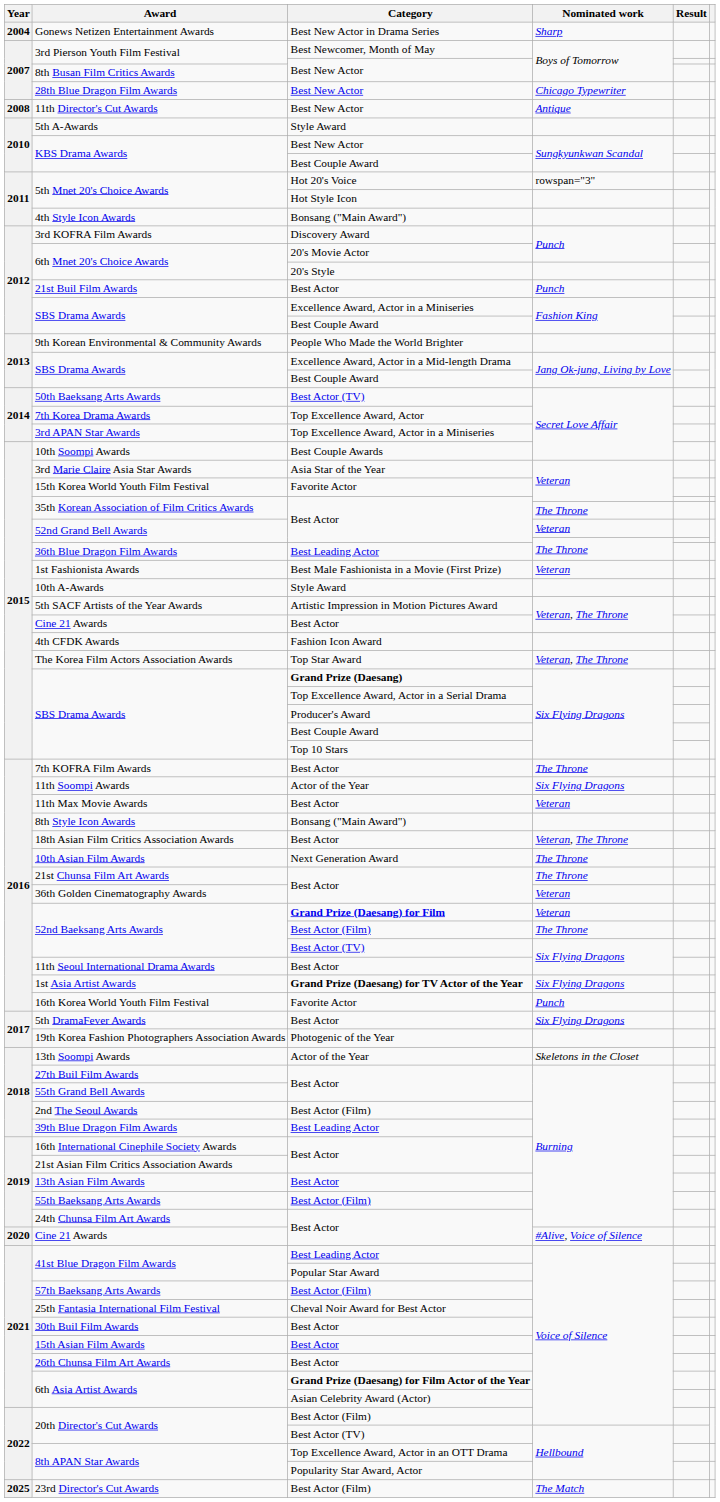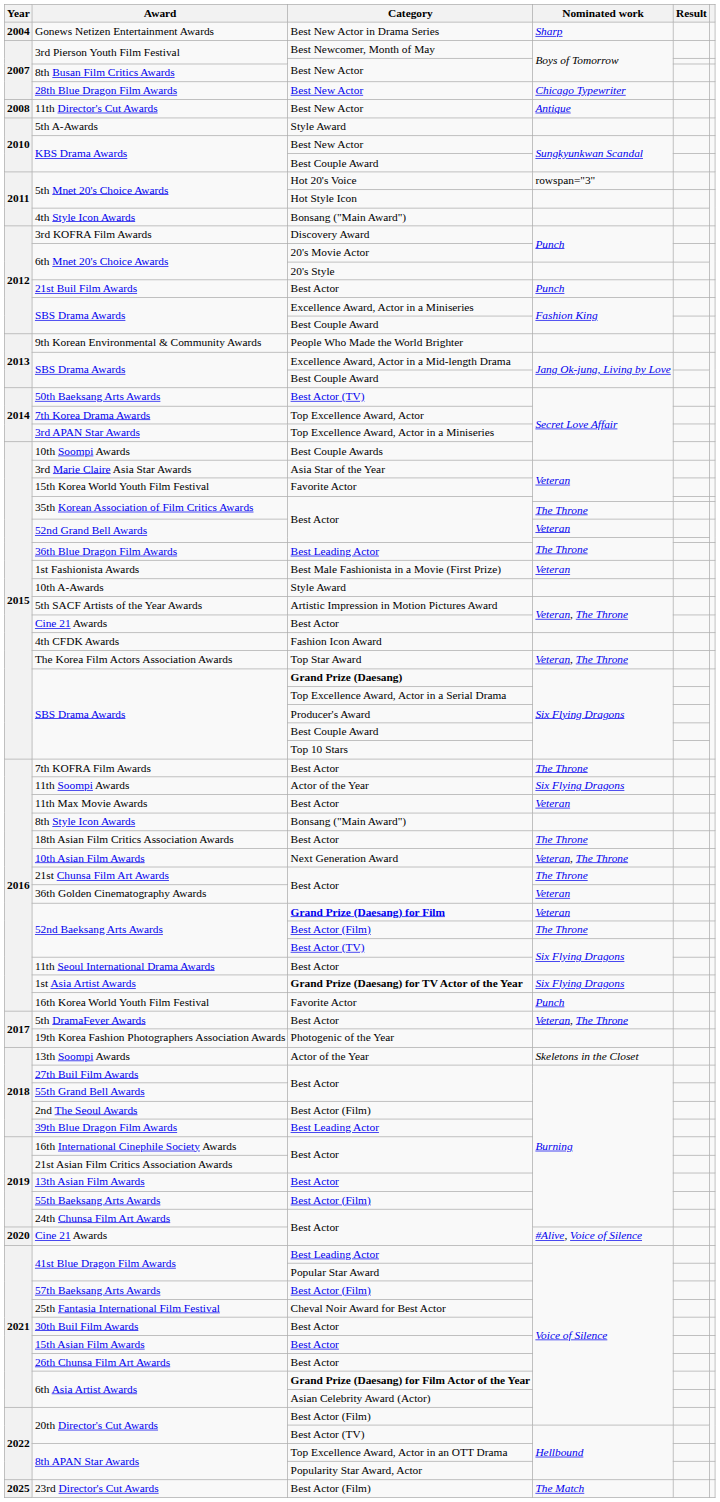 <table class="wikitable plainrowheaders sortable">
 <tr>
 <th scope="col">Year</th>
 <th scope="col">Award</th>
 <th scope="col">Category</th>
 <th scope="col">Nominated work</th>
 <th scope="col">Result</th>
 <th scope="col" class="unsortable"></th>
 </tr>
 <tr>
 <th scope="row">2004</th>
 <td>Gonews Netizen Entertainment Awards</td>
 <td>Best New Actor in Drama Series</td>
 <td><em><a href='#'>Sharp</a></em></td>
 <td></td>
 <td style="text-align:center"></td>
 </tr>
 <tr>
 <th scope="row"  rowspan="4">2007</th>
 <td rowspan="2">3rd Pierson Youth Film Festival</td>
 <td>Best Newcomer, Month of May</td>
 <td rowspan="3"><em>Boys of Tomorrow</em></td>
 <td></td>
 <td style="text-align:center"></td>
 </tr>
 <tr>
 <td rowspan="2">Best New Actor</td>
 <td></td>
 <td style="text-align:center"></td>
 </tr>
 <tr>
 <td>8th <a href='#'>Busan Film Critics Awards</a></td>
 <td></td>
 <td style="text-align:center"></td>
 </tr>
 <tr>
 <td><a href='#'>28th Blue Dragon Film Awards</a></td>
 <td><a href='#'>Best New Actor</a></td>
 <td><em><a href='#'>Chicago Typewriter</a></em></td>
 <td></td>
 <td style="text-align:center"></td>
 </tr>
 <tr>
 <th scope="row">2008</th>
 <td>11th <a href='#'>Director's Cut Awards</a></td>
 <td>Best New Actor</td>
 <td><em><a href='#'>Antique</a></em></td>
 <td></td>
 <td style="text-align:center"></td>
 </tr>
 <tr>
 <th scope="row" rowspan="3">2010</th>
 <td>5th A-Awards </td>
 <td>Style Award</td>
 <td></td>
 <td></td>
 <td style="text-align:center"></td>
 </tr>
 <tr>
 <td rowspan="2"><a href='#'>KBS Drama Awards</a></td>
 <td>Best New Actor</td>
 <td rowspan="2"><em><a href='#'>Sungkyunkwan Scandal</a></em></td>
 <td></td>
 <td style="text-align:center"></td>
 </tr>
 <tr>
 <td>Best Couple Award </td>
 <td></td>
 <td style="text-align:center"></td>
 </tr>
 <tr>
 <th scope="row" rowspan="3">2011</th>
 <td rowspan="2">5th <a href='#'>Mnet 20's Choice Awards</a></td>
 <td>Hot 20's Voice</td>
 <td>rowspan="3" </td>
 <td></td>
 <td style="text-align:center"></td>
 </tr>
 <tr>
 <td>Hot Style Icon</td>
 <td></td>
 <td style="text-align:center"></td>
 </tr>
 <tr>
 <td>4th <a href='#'>Style Icon Awards</a></td>
 <td>Bonsang ("Main Award")</td>
 <td></td>
 <td style="text-align:center"></td>
 </tr>
 <tr>
 <th scope="row" rowspan="6">2012</th>
 <td>3rd KOFRA Film Awards</td>
 <td>Discovery Award</td>
 <td rowspan="2"><em><a href='#'>Punch</a></em></td>
 <td></td>
 <td style="text-align:center"></td>
 </tr>
 <tr>
 <td rowspan="2">6th <a href='#'>Mnet 20's Choice Awards</a></td>
 <td>20's Movie Actor</td>
 <td></td>
 <td rowspan="2" style="text-align:center"></td>
 </tr>
 <tr>
 <td>20's Style</td>
 <td></td>
 <td></td>
 </tr>
 <tr>
 <td><a href='#'>21st Buil Film Awards</a></td>
 <td>Best Actor</td>
 <td><em><a href='#'>Punch</a></em></td>
 <td></td>
 <td style="text-align:center"></td>
 </tr>
 <tr>
 <td rowspan="2"><a href='#'>SBS Drama Awards</a></td>
 <td>Excellence Award, Actor in a Miniseries</td>
 <td rowspan="2"><em><a href='#'>Fashion King</a></em></td>
 <td></td>
 <td style="text-align:center"></td>
 </tr>
 <tr>
 <td>Best Couple Award </td>
 <td></td>
 <td style="text-align:center"></td>
 </tr>
 <tr>
 <th scope="row" rowspan="3">2013</th>
 <td>9th Korean Environmental & Community Awards</td>
 <td>People Who Made the World Brighter<br></td>
 <td></td>
 <td></td>
 <td style="text-align:center"></td>
 </tr>
 <tr>
 <td rowspan="2"><a href='#'>SBS Drama Awards</a></td>
 <td>Excellence Award, Actor in a Mid-length Drama</td>
 <td rowspan="2"><em><a href='#'>Jang Ok-jung, Living by Love</a></em></td>
 <td></td>
 <td rowspan="2" style="text-align:center"></td>
 </tr>
 <tr>
 <td>Best Couple Award </td>
 <td></td>
 </tr>
 <tr>
 <th scope="row"  rowspan="3">2014</th>
 <td><a href='#'>50th Baeksang Arts Awards</a></td>
 <td><a href='#'>Best Actor (TV)</a></td>
 <td rowspan="4"><em><a href='#'>Secret Love Affair</a></em></td>
 <td></td>
 <td style="text-align:center"></td>
 </tr>
 <tr>
 <td><a href='#'>7th Korea Drama Awards</a></td>
 <td>Top Excellence Award, Actor</td>
 <td></td>
 <td style="text-align:center"></td>
 </tr>
 <tr>
 <td><a href='#'>3rd APAN Star Awards</a></td>
 <td>Top Excellence Award, Actor in a Miniseries</td>
 <td></td>
 <td style="text-align:center"></td>
 </tr>
 <tr>
 <th scope="row" rowspan="19">2015</th>
 <td>10th <a href='#'>Soompi</a> Awards</td>
 <td>Best Couple Awards </td>
 <td></td>
 <td style="text-align:center"></td>
 </tr>
 <tr>
 <td>3rd <a href='#'>Marie Claire</a> Asia Star Awards</td>
 <td>Asia Star of the Year</td>
 <td rowspan="3"><em><a href='#'>Veteran</a></em></td>
 <td></td>
 <td style="text-align:center"></td>
 </tr>
 <tr>
 <td>15th Korea World Youth Film Festival</td>
 <td>Favorite Actor</td>
 <td></td>
 <td style="text-align:center"></td>
 </tr>
 <tr>
 <td rowspan="2">35th <a href='#'>Korean Association of Film Critics Awards</a></td>
 <td rowspan="4">Best Actor</td>
 <td></td>
 <td style="text-align:center"></td>
 </tr>
 <tr>
 <td><em><a href='#'>The Throne</a></em></td>
 <td></td>
 <td style="text-align:center"></td>
 </tr>
 <tr>
 <td rowspan="2"><a href='#'>52nd Grand Bell Awards</a></td>
 <td><em><a href='#'>Veteran</a></em></td>
 <td></td>
 <td rowspan="2" style="text-align:center"></td>
 </tr>
 <tr>
 <td rowspan="2"><em><a href='#'>The Throne</a></em></td>
 <td></td>
 </tr>
 <tr>
 <td><a href='#'>36th Blue Dragon Film Awards</a></td>
 <td><a href='#'>Best Leading Actor</a></td>
 <td></td>
 <td style="text-align:center"></td>
 </tr>
 <tr>
 <td>1st Fashionista Awards</td>
 <td>Best Male Fashionista in a Movie (First Prize)</td>
 <td><em><a href='#'>Veteran</a></em></td>
 <td></td>
 <td style="text-align:center"></td>
 </tr>
 <tr>
 <td>10th A-Awards </td>
 <td>Style Award</td>
 <td></td>
 <td></td>
 <td style="text-align:center"></td>
 </tr>
 <tr>
 <td>5th SACF Artists of the Year Awards</td>
 <td>Artistic Impression in Motion Pictures Award</td>
 <td rowspan="2"><em><a href='#'>Veteran</a></em>, <em><a href='#'>The Throne</a></em></td>
 <td></td>
 <td style="text-align:center"></td>
 </tr>
 <tr>
 <td><a href='#'>Cine 21</a> Awards</td>
 <td>Best Actor</td>
 <td></td>
 <td style="text-align:center"></td>
 </tr>
 <tr>
 <td>4th CFDK Awards</td>
 <td>Fashion Icon Award</td>
 <td></td>
 <td></td>
 <td style="text-align:center"></td>
 </tr>
 <tr>
 <td>The Korea Film Actors Association Awards</td>
 <td>Top Star Award</td>
 <td><em><a href='#'>Veteran</a></em>, <em><a href='#'>The Throne</a></em></td>
 <td></td>
 <td style="text-align:center"></td>
 </tr>
 <tr>
 <td rowspan="5"><a href='#'>SBS Drama Awards</a></td>
 <td><strong>Grand Prize (Daesang)</strong></td>
 <td rowspan="5"><em><a href='#'>Six Flying Dragons</a></em></td>
 <td></td>
 <td rowspan="5" style="text-align:center"></td>
 </tr>
 <tr>
 <td>Top Excellence Award, Actor in a Serial Drama</td>
 <td></td>
 </tr>
 <tr>
 <td>Producer's Award</td>
 <td></td>
 </tr>
 <tr>
 <td>Best Couple Award </td>
 <td></td>
 </tr>
 <tr>
 <td>Top 10 Stars</td>
 <td></td>
 </tr>
 <tr>
 <th scope="row" rowspan="14">2016</th>
 <td>7th KOFRA Film Awards</td>
 <td>Best Actor</td>
 <td><em><a href='#'>The Throne</a></em></td>
 <td></td>
 <td style="text-align:center"></td>
 </tr>
 <tr>
 <td>11th <a href='#'>Soompi</a> Awards</td>
 <td>Actor of the Year</td>
 <td><em><a href='#'>Six Flying Dragons</a></em></td>
 <td></td>
 <td style="text-align:center"></td>
 </tr>
 <tr>
 <td>11th Max Movie Awards</td>
 <td>Best Actor</td>
 <td><em><a href='#'>Veteran</a></em></td>
 <td></td>
 <td style="text-align:center"></td>
 </tr>
 <tr>
 <td>8th <a href='#'>Style Icon Awards</a></td>
 <td>Bonsang ("Main Award")</td>
 <td></td>
 <td></td>
 <td style="text-align:center"></td>
 </tr>
 <tr>
 <td>18th Asian Film Critics Association Awards</td>
 <td>Best Actor</td>
-<td><em><a href='#'>Veteran</a></em>, <em><a href='#'>The Throne</a></em></td>
+<td><em><a href='#'>The Throne</a></em></td>
 <td></td>
 <td style="text-align:center"></td>
 </tr>
 <tr>
 <td><a href='#'>10th Asian Film Awards</a></td>
 <td>Next Generation Award</td>
-<td><em><a href='#'>The Throne</a></em></td>
+<td><em><a href='#'>Veteran</a></em>, <em><a href='#'>The Throne</a></em></td>
 <td></td>
 <td style="text-align:center"></td>
 </tr>
 <tr>
 <td>21st <a href='#'>Chunsa Film Art Awards</a></td>
 <td rowspan="2">Best Actor</td>
 <td><em><a href='#'>The Throne</a></em></td>
 <td></td>
 <td style="text-align:center"></td>
 </tr>
 <tr>
 <td>36th Golden Cinematography Awards</td>
 <td><em><a href='#'>Veteran</a></em></td>
 <td></td>
 <td style="text-align:center"></td>
 </tr>
 <tr>
 <td rowspan="3"><a href='#'>52nd Baeksang Arts Awards</a></td>
 <td><a href='#'><strong>Grand Prize (Daesang) for Film</strong></a></td>
 <td><em><a href='#'>Veteran</a></em></td>
 <td></td>
 <td style="text-align:center"></td>
 </tr>
 <tr>
 <td><a href='#'>Best Actor (Film)</a></td>
 <td><em><a href='#'>The Throne</a></em></td>
 <td></td>
 <td style="text-align:center"></td>
 </tr>
 <tr>
 <td><a href='#'>Best Actor (TV)</a></td>
 <td rowspan="2"><em><a href='#'>Six Flying Dragons</a></em></td>
 <td></td>
 <td style="text-align:center"></td>
 </tr>
 <tr>
 <td>11th <a href='#'>Seoul International Drama Awards</a></td>
 <td>Best Actor</td>
 <td></td>
 <td></td>
 </tr>
 <tr>
 <td>1st <a href='#'>Asia Artist Awards</a></td>
 <td><strong>Grand Prize (Daesang) for TV Actor of the Year</strong></td>
 <td><em><a href='#'>Six Flying Dragons</a></em></td>
 <td></td>
 <td style="text-align:center"></td>
 </tr>
 <tr>
 <td>16th Korea World Youth Film Festival</td>
 <td>Favorite Actor</td>
 <td><em><a href='#'>Punch</a></em></td>
 <td></td>
 <td style="text-align:center"></td>
 </tr>
 <tr>
 <th scope="row" rowspan="2">2017</th>
 <td>5th <a href='#'>DramaFever Awards</a></td>
 <td>Best Actor</td>
-<td><em><a href='#'>Six Flying Dragons</a></em></td>
+<td><em><a href='#'>Veteran</a></em>, <em><a href='#'>The Throne</a></em></td>
 <td></td>
 <td style="text-align:center"></td>
 </tr>
 <tr>
 <td>19th Korea Fashion Photographers Association Awards</td>
 <td>Photogenic of the Year</td>
 <td></td>
 <td></td>
 <td style="text-align:center"></td>
 </tr>
 <tr>
 <th scope="row" rowspan="5">2018</th>
 <td>13th <a href='#'>Soompi</a> Awards</td>
 <td>Actor of the Year</td>
 <td><em>Skeletons in the Closet</em></td>
 <td></td>
 <td style="text-align:center"></td>
 </tr>
 <tr>
 <td><a href='#'>27th Buil Film Awards</a></td>
 <td rowspan="2">Best Actor</td>
 <td rowspan="9"><em><a href='#'>Burning</a></em></td>
 <td></td>
 <td style="text-align:center"></td>
 </tr>
 <tr>
 <td><a href='#'>55th Grand Bell Awards</a></td>
 <td></td>
 <td style="text-align:center"></td>
 </tr>
 <tr>
 <td>2nd <a href='#'>The Seoul Awards</a></td>
 <td>Best Actor (Film)</td>
 <td></td>
 <td style="text-align:center"></td>
 </tr>
 <tr>
 <td><a href='#'>39th Blue Dragon Film Awards</a></td>
 <td><a href='#'>Best Leading Actor</a></td>
 <td></td>
 <td style="text-align:center"></td>
 </tr>
 <tr>
 <th scope="row" rowspan="5">2019</th>
 <td>16th <a href='#'>International Cinephile Society</a> Awards</td>
 <td rowspan="2">Best Actor</td>
 <td></td>
 <td style="text-align:center"></td>
 </tr>
 <tr>
 <td>21st Asian Film Critics Association Awards</td>
 <td></td>
 <td style="text-align:center"></td>
 </tr>
 <tr>
 <td><a href='#'>13th Asian Film Awards</a></td>
 <td><a href='#'>Best Actor</a></td>
 <td></td>
 <td style="text-align:center"></td>
 </tr>
 <tr>
 <td><a href='#'>55th Baeksang Arts Awards</a></td>
 <td><a href='#'>Best Actor (Film)</a></td>
 <td></td>
 <td style="text-align:center"></td>
 </tr>
 <tr>
 <td>24th <a href='#'>Chunsa Film Art Awards</a></td>
 <td rowspan="2">Best Actor</td>
 <td></td>
 <td style="text-align:center"></td>
 </tr>
 <tr>
 <th scope="row">2020</th>
 <td><a href='#'>Cine 21</a> Awards</td>
 <td><em><a href='#'>#Alive</a></em>, <em><a href='#'>Voice of Silence</a></em></td>
 <td></td>
 <td style="text-align:center"></td>
 </tr>
 <tr>
 <th scope="row" rowspan="9">2021</th>
 <td rowspan="2"><a href='#'>41st Blue Dragon Film Awards</a></td>
 <td><a href='#'>Best Leading Actor</a></td>
 <td rowspan="10"><em><a href='#'>Voice of Silence</a></em></td>
 <td></td>
 <td style="text-align:center"></td>
 </tr>
 <tr>
 <td>Popular Star Award</td>
 <td></td>
 <td style="text-align:center"></td>
 </tr>
 <tr>
 <td><a href='#'>57th Baeksang Arts Awards</a></td>
 <td><a href='#'>Best Actor (Film)</a></td>
 <td></td>
 <td style="text-align:center"></td>
 </tr>
 <tr>
 <td>25th <a href='#'>Fantasia International Film Festival</a></td>
 <td>Cheval Noir Award for Best Actor</td>
 <td></td>
 <td style="text-align:center"></td>
 </tr>
 <tr>
 <td><a href='#'>30th Buil Film Awards</a></td>
 <td>Best Actor</td>
 <td></td>
 <td style="text-align:center"></td>
 </tr>
 <tr>
 <td><a href='#'>15th Asian Film Awards</a></td>
 <td><a href='#'>Best Actor</a></td>
 <td></td>
 <td style="text-align:center"></td>
 </tr>
 <tr>
 <td><a href='#'>26th Chunsa Film Art Awards</a></td>
 <td>Best Actor</td>
 <td></td>
 <td style="text-align:center"></td>
 </tr>
 <tr>
 <td rowspan="2">6th <a href='#'>Asia Artist Awards</a></td>
 <td><strong>Grand Prize (Daesang) for Film Actor of the Year</strong></td>
 <td></td>
 <td style="text-align:center"></td>
 </tr>
 <tr>
 <td>Asian Celebrity Award (Actor)</td>
 <td></td>
 <td style="text-align:center"></td>
 </tr>
 <tr>
 <th scope="row"  rowspan="4">2022</th>
 <td rowspan="2">20th <a href='#'>Director's Cut Awards</a></td>
 <td>Best Actor (Film)</td>
 <td></td>
 <td rowspan="2" style="text-align:center"></td>
 </tr>
 <tr>
 <td>Best Actor (TV)</td>
 <td rowspan="3"><em><a href='#'>Hellbound</a></em></td>
 <td></td>
 </tr>
 <tr>
 <td rowspan="2"><a href='#'>8th APAN Star Awards</a></td>
 <td>Top Excellence Award, Actor in an OTT Drama</td>
 <td></td>
 <td style="text-align:center"></td>
 </tr>
 <tr>
 <td>Popularity Star Award, Actor</td>
 <td></td>
 <td style="text-align:center"></td>
 </tr>
 <tr>
 <th scope="row">2025</th>
 <td>23rd <a href='#'>Director's Cut Awards</a></td>
 <td>Best Actor (Film)</td>
 <td><em><a href='#'>The Match</a></em></td>
 <td></td>
 <td style="text-align:center"></td>
 </tr>
 </table>
